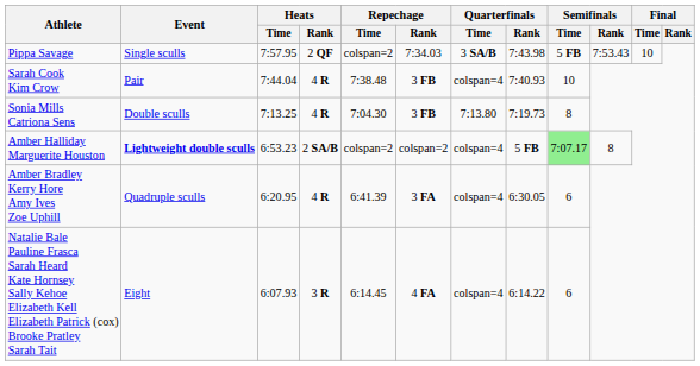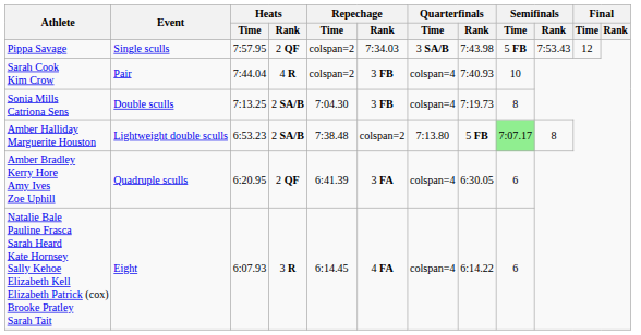 <table class="wikitable" style="font-size:90%">
 <tr>
 <th rowspan="2">Athlete</th>
 <th rowspan="2">Event</th>
 <th colspan="2">Heats</th>
 <th colspan="2">Repechage</th>
 <th colspan="2">Quarterfinals</th>
 <th colspan="2">Semifinals</th>
 <th colspan="2">Final</th>
 </tr>
 <tr style="font-size:95%">
 <th>Time</th>
 <th>Rank</th>
 <th>Time</th>
 <th>Rank</th>
 <th>Time</th>
 <th>Rank</th>
 <th>Time</th>
 <th>Rank</th>
 <th>Time</th>
 <th>Rank</th>
 </tr>
 <tr align=center>
 <td align=left><a href='#'>Pippa Savage</a></td>
 <td align=left><a href='#'>Single sculls</a></td>
 <td>7:57.95</td>
 <td>2 <strong>QF</strong></td>
 <td>colspan=2 </td>
 <td>7:34.03</td>
 <td>3 <strong>SA/B</strong></td>
 <td>7:43.98</td>
 <td>5 <strong>FB</strong></td>
 <td>7:53.43</td>
-<td>10</td>
+<td>12</td>
 </tr>
 <tr align=center>
 <td align=left><a href='#'>Sarah Cook</a><br><a href='#'>Kim Crow</a></td>
 <td align=left><a href='#'>Pair</a></td>
 <td>7:44.04</td>
 <td>4 <strong>R</strong></td>
-<td>7:38.48</td>
+<td>colspan=2 </td>
 <td>3 <strong>FB</strong></td>
 <td>colspan=4 </td>
 <td>7:40.93</td>
 <td>10</td>
 </tr>
 <tr align=center>
 <td align=left><a href='#'>Sonia Mills</a><br><a href='#'>Catriona Sens</a></td>
 <td align=left><a href='#'>Double sculls</a></td>
 <td>7:13.25</td>
-<td>4 <strong>R</strong></td>
+<td>2 <strong>SA/B</strong></td>
 <td>7:04.30</td>
 <td>3 <strong>FB</strong></td>
-<td>7:13.80</td>
+<td>colspan=4 </td>
 <td>7:19.73</td>
 <td>8</td>
 </tr>
 <tr align=center>
 <td align=left><a href='#'>Amber Halliday</a><br><a href='#'>Marguerite Houston</a></td>
-<td align=left><strong><a href='#'>Lightweight double sculls</a></strong></td>
+<td align=left><a href='#'>Lightweight double sculls</a></td>
 <td>6:53.23</td>
 <td>2 <strong>SA/B</strong></td>
+<td>7:38.48</td>
 <td>colspan=2 </td>
-<td>colspan=2 </td>
-<td>colspan=4 </td>
+<td>7:13.80</td>
 <td>5 <strong>FB</strong></td>
 <td style="background: lightgreen;">7:07.17</td>
 <td>8</td>
 </tr>
 <tr align=center>
 <td align=left><a href='#'>Amber Bradley</a><br><a href='#'>Kerry Hore</a><br><a href='#'>Amy Ives</a><br><a href='#'>Zoe Uphill</a></td>
 <td align=left><a href='#'>Quadruple sculls</a></td>
 <td>6:20.95</td>
-<td>4 <strong>R</strong></td>
+<td>2 <strong>QF</strong></td>
 <td>6:41.39</td>
 <td>3 <strong>FA</strong></td>
 <td>colspan=4 </td>
 <td>6:30.05</td>
 <td>6</td>
 </tr>
 <tr align=center>
 <td align=left><a href='#'>Natalie Bale</a><br><a href='#'>Pauline Frasca</a><br><a href='#'>Sarah Heard</a><br><a href='#'>Kate Hornsey</a><br> <a href='#'>Sally Kehoe</a><br><a href='#'>Elizabeth Kell</a><br><a href='#'>Elizabeth Patrick</a> (cox)<br><a href='#'>Brooke Pratley</a><br><a href='#'>Sarah Tait</a></td>
 <td align=left><a href='#'>Eight</a></td>
 <td>6:07.93</td>
 <td>3 <strong>R</strong></td>
 <td>6:14.45</td>
 <td>4 <strong>FA</strong></td>
 <td>colspan=4 </td>
 <td>6:14.22</td>
 <td>6</td>
 </tr>
 </table>
